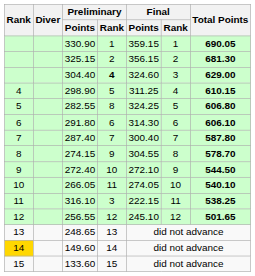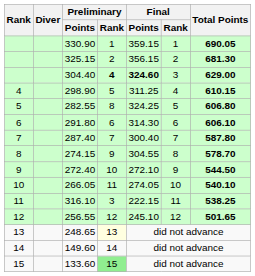 <table class="wikitable sortable" style="text-align:center">
 <tr>
 <th rowspan=2>Rank</th>
 <th rowspan=2>Diver</th>
 <th colspan=2>Preliminary</th>
 <th colspan=2>Final</th>
 <th rowspan=2>Total Points</th>
 </tr>
 <tr>
 <th>Points</th>
 <th>Rank</th>
 <th>Points</th>
 <th>Rank</th>
 </tr>
 <tr bgcolor=ccffcc>
 <td></td>
 <td align=left></td>
 <td>330.90</td>
 <td>1</td>
 <td>359.15</td>
 <td>1</td>
 <td><strong>690.05</strong></td>
 </tr>
 <tr bgcolor=ccffcc>
 <td></td>
 <td align=left></td>
 <td>325.15</td>
 <td>2</td>
 <td>356.15</td>
 <td>2</td>
 <td><strong>681.30</strong></td>
 </tr>
 <tr bgcolor=ccffcc>
 <td></td>
 <td align=left></td>
 <td>304.40</td>
 <td><strong>4</strong></td>
-<td>324.60</td>
+<td><strong>324.60</strong></td>
 <td>3</td>
 <td><strong>629.00</strong></td>
 </tr>
 <tr bgcolor=ccffcc>
 <td>4</td>
 <td align=left></td>
 <td>298.90</td>
 <td>5</td>
 <td>311.25</td>
 <td>4</td>
 <td><strong>610.15</strong></td>
 </tr>
 <tr bgcolor=ccffcc>
 <td>5</td>
 <td align=left></td>
 <td>282.55</td>
 <td>8</td>
 <td>324.25</td>
 <td>5</td>
 <td><strong>606.80</strong></td>
 </tr>
 <tr bgcolor=ccffcc>
 <td>6</td>
 <td align=left></td>
 <td>291.80</td>
 <td>6</td>
 <td>314.30</td>
 <td>6</td>
 <td><strong>606.10</strong></td>
 </tr>
 <tr bgcolor=ccffcc>
 <td>7</td>
 <td align=left></td>
 <td>287.40</td>
 <td>7</td>
 <td>300.40</td>
 <td>7</td>
 <td><strong>587.80</strong></td>
 </tr>
 <tr bgcolor=ccffcc>
 <td>8</td>
 <td align=left></td>
 <td>274.15</td>
 <td>9</td>
 <td>304.55</td>
 <td>8</td>
 <td><strong>578.70</strong></td>
 </tr>
 <tr bgcolor=ccffcc>
 <td>9</td>
 <td align=left></td>
 <td>272.40</td>
 <td>10</td>
 <td>272.10</td>
 <td>9</td>
 <td><strong>544.50</strong></td>
 </tr>
 <tr bgcolor=ccffcc>
 <td>10</td>
 <td align=left></td>
 <td>266.05</td>
 <td>11</td>
 <td>274.05</td>
 <td>10</td>
 <td><strong>540.10</strong></td>
 </tr>
 <tr bgcolor=ccffcc>
 <td>11</td>
 <td align=left></td>
 <td>316.10</td>
 <td>3</td>
 <td>222.15</td>
 <td>11</td>
 <td><strong>538.25</strong></td>
 </tr>
 <tr bgcolor=ccffcc>
 <td>12</td>
 <td align=left></td>
 <td>256.55</td>
 <td>12</td>
 <td>245.10</td>
 <td>12</td>
 <td><strong>501.65</strong></td>
 </tr>
 <tr>
 <td>13</td>
 <td align=left></td>
 <td>248.65</td>
-<td>13</td>
+<td style="background: lightyellow;">13</td>
 <td colspan=3>did not advance</td>
 </tr>
 <tr>
-<td style="background: gold;">14</td>
+<td>14</td>
 <td align=left></td>
 <td>149.60</td>
 <td>14</td>
 <td colspan=3>did not advance</td>
 </tr>
 <tr>
 <td>15</td>
 <td align=left></td>
 <td>133.60</td>
-<td>15</td>
+<td style="background: lightgreen;">15</td>
 <td colspan=3>did not advance</td>
 </tr>
 </table>
